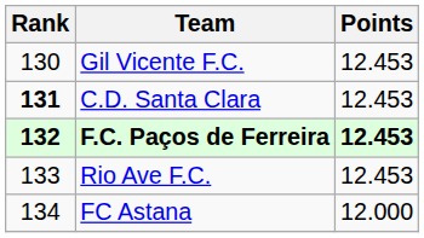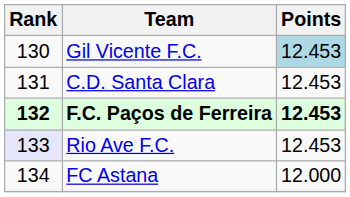 <table class="wikitable" style="text-align: center;">
 <tr>
 <th>Rank</th>
 <th>Team</th>
 <th>Points</th>
 </tr>
 <tr>
 <td>130</td>
 <td align="left"> <a href='#'>Gil Vicente F.C.</a></td>
-<td>12.453</td>
+<td style="background: lightblue;">12.453</td>
 </tr>
 <tr>
-<td><strong>131</strong></td>
+<td>131</td>
 <td align="left"> <a href='#'>C.D. Santa Clara</a></td>
 <td>12.453</td>
 </tr>
 <tr bgcolor="#ddffdd" style="font-weight:bold">
 <td>132</td>
 <td align="left"> F.C. Paços de Ferreira</td>
 <td>12.453</td>
 </tr>
 <tr>
-<td>133</td>
+<td style="background: lavender;">133</td>
 <td align="left"> <a href='#'>Rio Ave F.C.</a></td>
 <td>12.453</td>
 </tr>
 <tr>
 <td>134</td>
 <td align="left"> <a href='#'>FC Astana</a></td>
 <td>12.000</td>
 </tr>
 <tr>
 </tr>
 </table>
